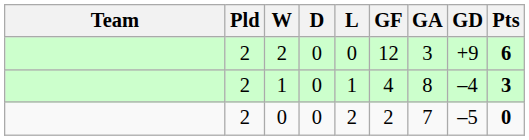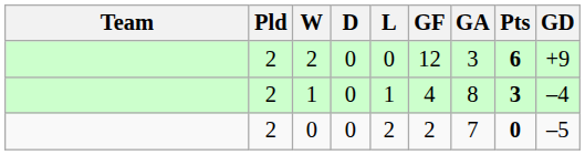 <table class="wikitable" style="text-align:center;">
 <tr>
 <th width=165>Team</th>
 <th width=20>Pld</th>
 <th width=20>W</th>
 <th width=20>D</th>
 <th width=20>L</th>
 <th width=20>GF</th>
 <th width=20>GA</th>
+<th width=20>Pts</th>
 <th width=20>GD</th>
-<th width=20>Pts</th>
 </tr>
 <tr style="background:#cfc;">
 <td style="text-align:left;"></td>
 <td>2</td>
 <td>2</td>
 <td>0</td>
 <td>0</td>
 <td>12</td>
 <td>3</td>
+<td><strong>6</strong></td>
 <td>+9</td>
-<td><strong>6</strong></td>
 </tr>
 <tr style="background:#cfc;">
 <td style="text-align:left;"></td>
 <td>2</td>
 <td>1</td>
 <td>0</td>
 <td>1</td>
 <td>4</td>
 <td>8</td>
+<td><strong>3</strong></td>
 <td>–4</td>
-<td><strong>3</strong></td>
 </tr>
 <tr>
 <td style="text-align:left;"></td>
 <td>2</td>
 <td>0</td>
 <td>0</td>
 <td>2</td>
 <td>2</td>
 <td>7</td>
+<td><strong>0</strong></td>
 <td>–5</td>
-<td><strong>0</strong></td>
 </tr>
 </table>
